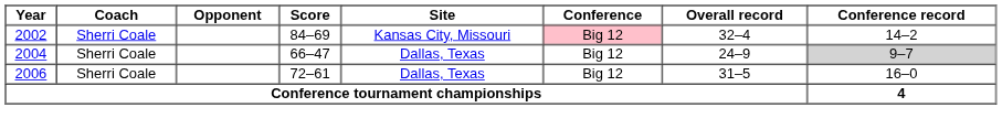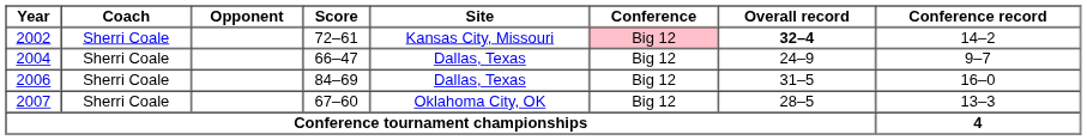 <table cellpadding="1" border="1" cellspacing="0" width="70%" style="text-align:center;">
 <tr>
 <th>Year</th>
 <th>Coach</th>
 <th>Opponent</th>
 <th>Score</th>
 <th>Site</th>
 <th>Conference</th>
 <th>Overall record</th>
 <th>Conference record</th>
 </tr>
 <tr>
 <td><a href='#'>2002</a></td>
 <td><a href='#'>Sherri Coale</a></td>
 <td></td>
-<td>84–69</td>
+<td>72–61</td>
 <td><a href='#'>Kansas City, Missouri</a></td>
 <td style="background: pink;">Big 12</td>
-<td>32–4</td>
+<td><strong>32–4</strong></td>
 <td>14–2</td>
 </tr>
 <tr>
 <td><a href='#'>2004</a></td>
 <td>Sherri Coale</td>
 <td></td>
 <td>66–47</td>
 <td><a href='#'>Dallas, Texas</a></td>
 <td>Big 12</td>
 <td>24–9</td>
-<td style="background: lightgrey;">9–7</td>
+<td>9–7</td>
 </tr>
 <tr>
 <td><a href='#'>2006</a></td>
 <td>Sherri Coale</td>
 <td></td>
-<td>72–61</td>
+<td>84–69</td>
 <td><a href='#'>Dallas, Texas</a></td>
 <td>Big 12</td>
 <td>31–5</td>
 <td>16–0</td>
 </tr>
 <tr>
+<td><a href='#'>2007</a></td>
+<td>Sherri Coale</td>
+<td></td>
+<td>67–60</td>
+<td><a href='#'>Oklahoma City, OK</a></td>
+<td>Big 12</td>
+<td>28–5</td>
+<td>13–3</td>
+</tr>
+<tr>
 <td colspan="7"><strong>Conference tournament championships</strong></td>
 <td colspan="1"><strong>4</strong></td>
 </tr>
 </table>
